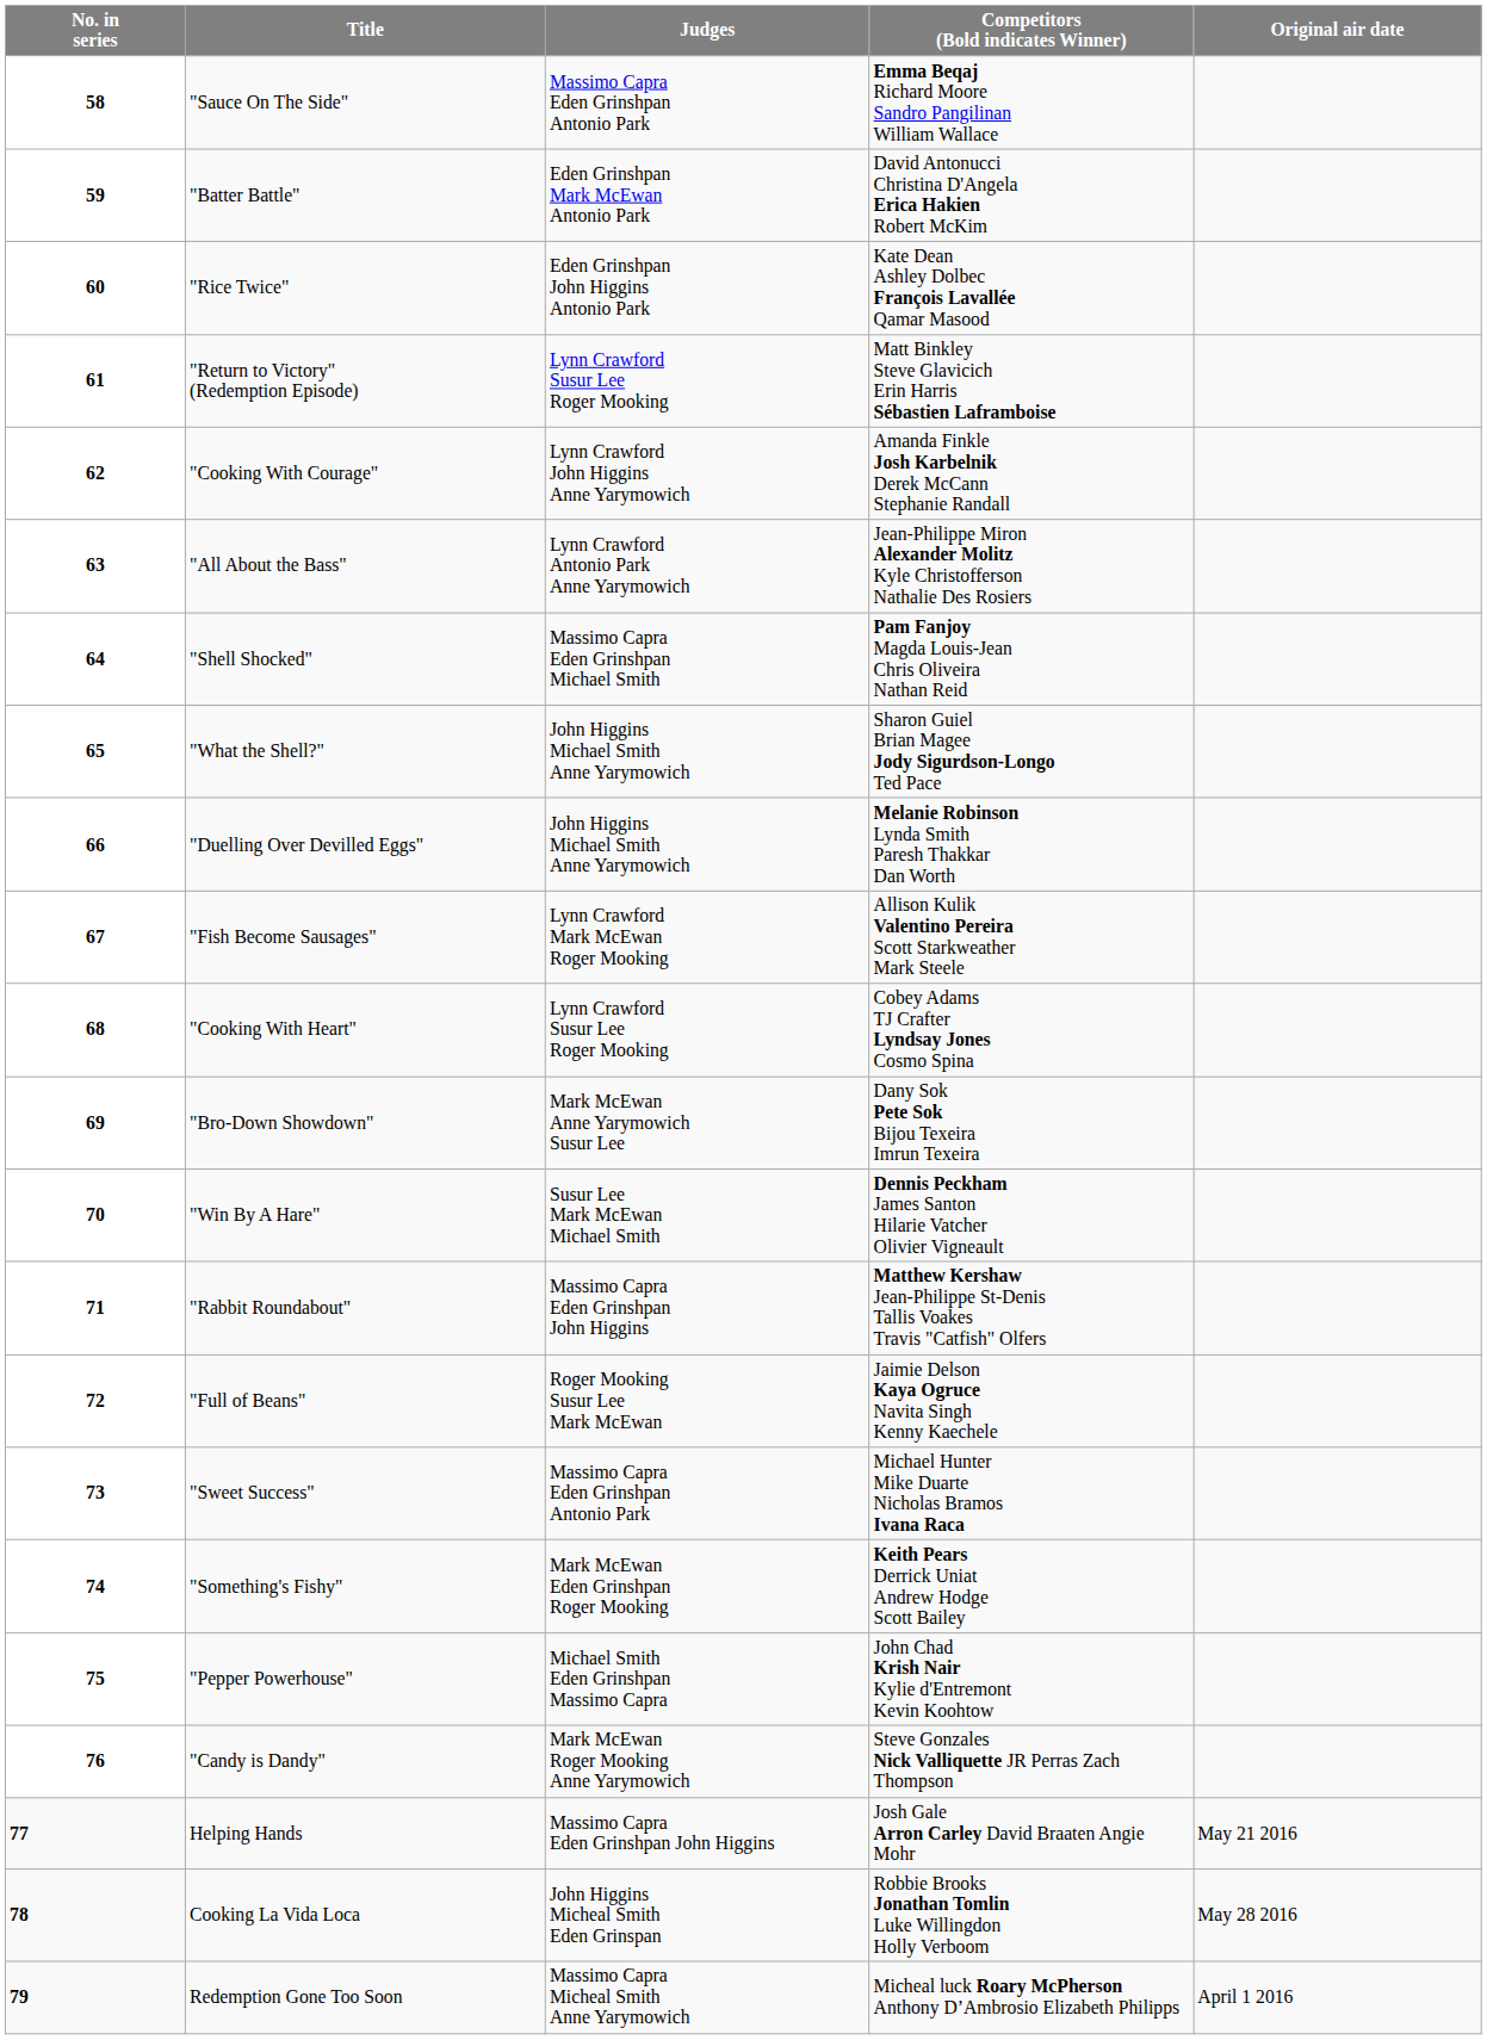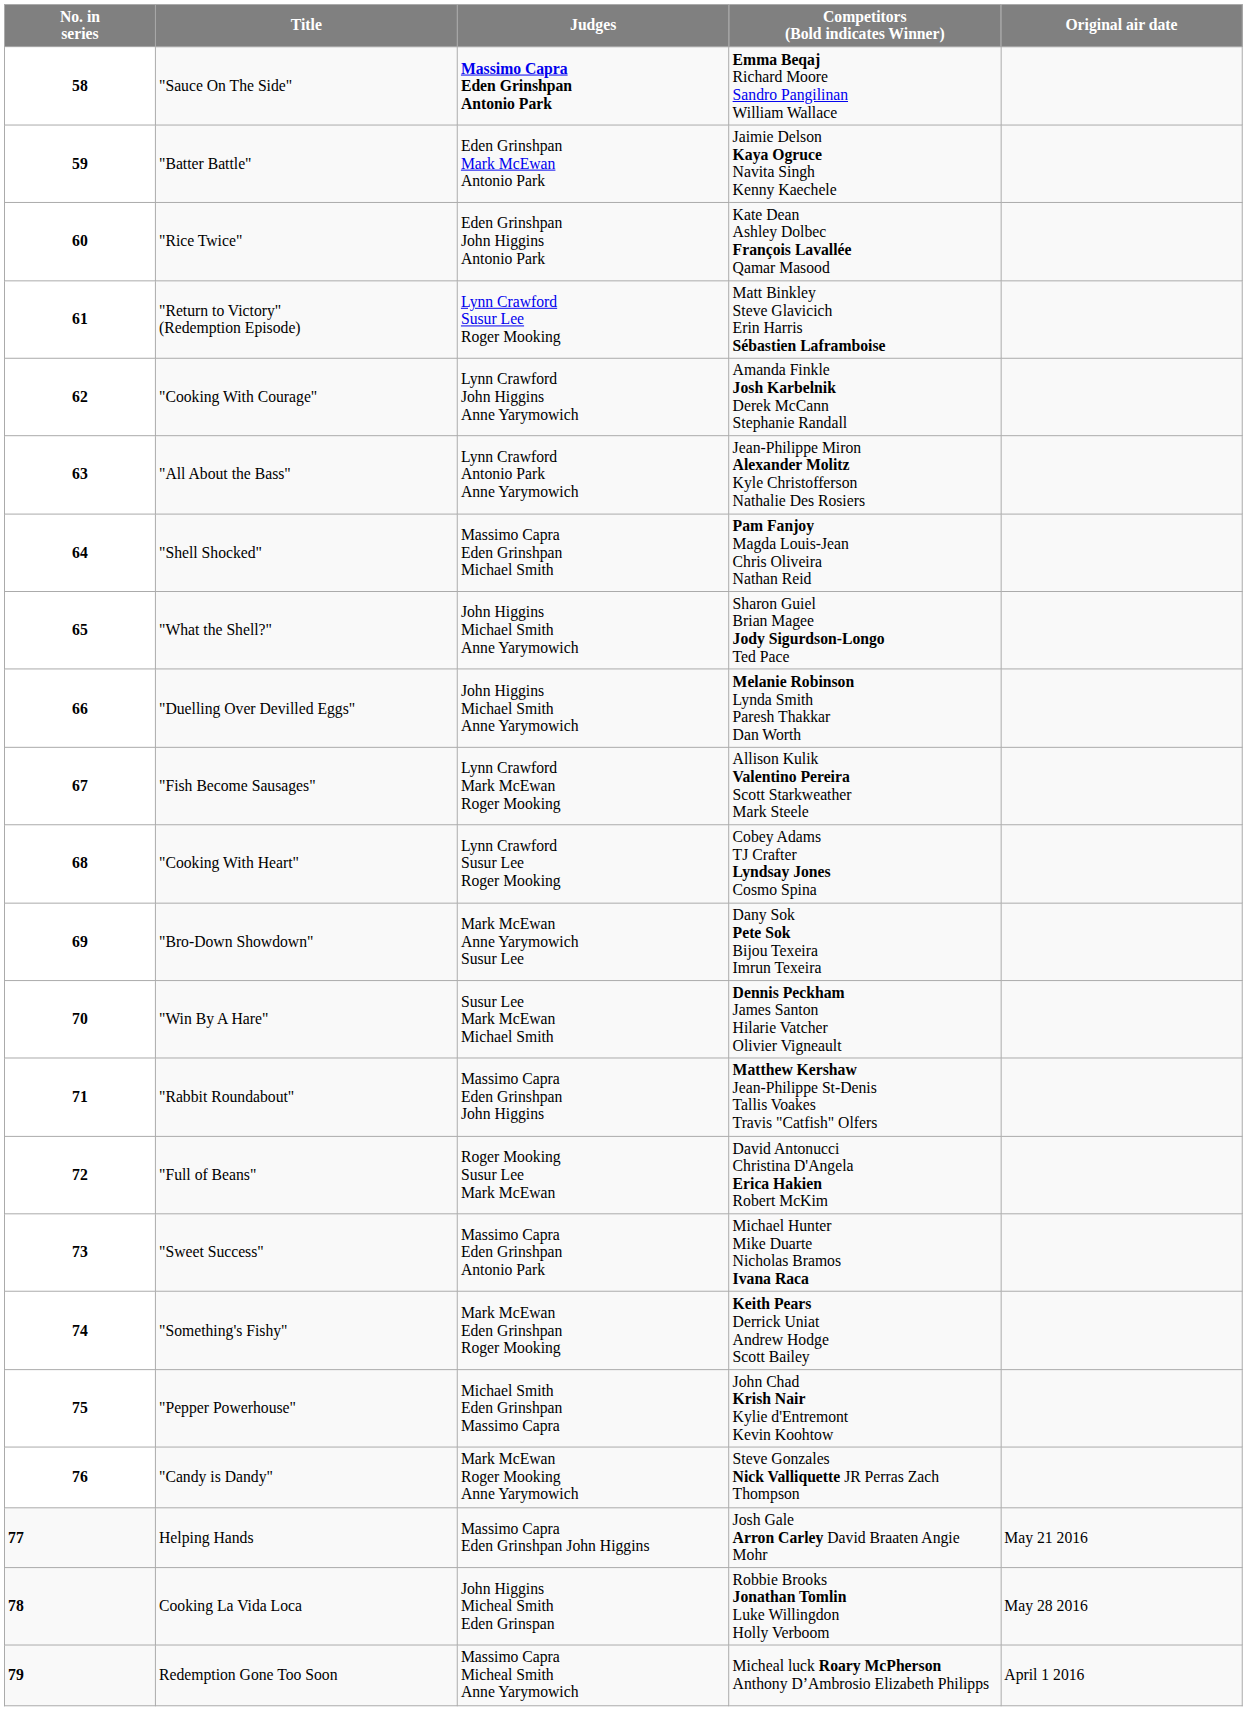 <table class="wikitable" style="width:100%;margin:auto;">
 <tr>
 <th scope="col" style="background-color:#808080;color:white;width:10%;">No. in<br>series</th>
 <th scope="col" style="background-color:#808080;color:white;width:20%;">Title<br></th>
 <th scope="col" style="background-color:#808080;color:white;width:18%;">Judges<br></th>
 <th scope="col" style="background-color:#808080;color:white;width:18%;">Competitors<br><span>(<strong>Bold</strong> indicates Winner)</span></th>
 <th scope="col" style="background-color:#808080;color:white;width:16%;">Original air date<br></th>
 </tr>
 <tr>
 <th scope="row" style="background-color:white">58</th>
 <td>"Sauce On The Side"</td>
-<td><a href='#'>Massimo Capra</a><br>Eden Grinshpan<br>Antonio Park</td>
+<td><strong><a href='#'>Massimo Capra</a><br>Eden Grinshpan<br>Antonio Park</strong></td>
 <td><strong>Emma Beqaj</strong><br>Richard Moore<br><a href='#'>Sandro Pangilinan</a><br>William Wallace</td>
 <td></td>
 </tr>
 <tr>
 <th scope="row" style="background-color:white">59</th>
 <td>"Batter Battle"</td>
 <td>Eden Grinshpan<br><a href='#'>Mark McEwan</a><br>Antonio Park</td>
-<td>David Antonucci<br>Christina D'Angela<br><strong>Erica Hakien</strong><br>Robert McKim</td>
+<td>Jaimie Delson<br><strong>Kaya Ogruce</strong><br>Navita Singh<br>Kenny Kaechele</td>
 <td></td>
 </tr>
 <tr>
 <th scope="row" style="background-color:white">60</th>
 <td>"Rice Twice"</td>
 <td>Eden Grinshpan<br>John Higgins<br>Antonio Park</td>
 <td>Kate Dean<br>Ashley Dolbec<br><strong>François Lavallée</strong><br>Qamar Masood</td>
 <td></td>
 </tr>
 <tr>
 <th scope="row" style="background-color:white">61</th>
 <td>"Return to Victory"<br>(Redemption Episode)</td>
 <td><a href='#'>Lynn Crawford</a><br><a href='#'>Susur Lee</a><br>Roger Mooking</td>
 <td>Matt Binkley<br>Steve Glavicich<br>Erin Harris<br><strong>Sébastien Laframboise</strong></td>
 <td></td>
 </tr>
 <tr>
 <th scope="row" style="background-color:white">62</th>
 <td>"Cooking With Courage"</td>
 <td>Lynn Crawford<br>John Higgins<br>Anne Yarymowich</td>
 <td>Amanda Finkle<br><strong>Josh Karbelnik</strong><br>Derek McCann<br>Stephanie Randall</td>
 <td></td>
 </tr>
 <tr>
 <th scope="row" style="background-color:white">63</th>
 <td>"All About the Bass"</td>
 <td>Lynn Crawford<br>Antonio Park<br>Anne Yarymowich</td>
 <td>Jean-Philippe Miron<br><strong>Alexander Molitz</strong><br>Kyle Christofferson<br>Nathalie Des Rosiers</td>
 <td></td>
 </tr>
 <tr>
 <th scope="row" style="background-color:white">64</th>
 <td>"Shell Shocked"</td>
 <td>Massimo Capra<br>Eden Grinshpan<br>Michael Smith</td>
 <td><strong>Pam Fanjoy</strong><br>Magda Louis-Jean<br>Chris Oliveira<br>Nathan Reid</td>
 <td></td>
 </tr>
 <tr>
 <th scope="row" style="background-color:white">65</th>
 <td>"What the Shell?"</td>
 <td>John Higgins<br>Michael Smith<br>Anne Yarymowich</td>
 <td>Sharon Guiel<br>Brian Magee<br><strong>Jody Sigurdson-Longo</strong><br>Ted Pace</td>
 <td></td>
 </tr>
 <tr>
 <th scope="row" style="background-color:white">66</th>
 <td>"Duelling Over Devilled Eggs"</td>
 <td>John Higgins<br>Michael Smith<br>Anne Yarymowich</td>
 <td><strong>Melanie Robinson</strong><br>Lynda Smith<br>Paresh Thakkar<br>Dan Worth</td>
 <td></td>
 </tr>
 <tr>
 <th scope="row" style="background-color:white">67</th>
 <td>"Fish Become Sausages"</td>
 <td>Lynn Crawford<br>Mark McEwan<br>Roger Mooking</td>
 <td>Allison Kulik<br><strong>Valentino Pereira</strong><br>Scott Starkweather<br>Mark Steele</td>
 <td></td>
 </tr>
 <tr>
 <th scope="row" style="background-color:white">68</th>
 <td>"Cooking With Heart"</td>
 <td>Lynn Crawford<br>Susur Lee<br>Roger Mooking</td>
 <td>Cobey Adams<br>TJ Crafter<br><strong>Lyndsay Jones</strong><br>Cosmo Spina</td>
 <td></td>
 </tr>
 <tr>
 <th scope="row" style="background-color:white">69</th>
 <td>"Bro-Down Showdown"</td>
 <td>Mark McEwan<br>Anne Yarymowich<br>Susur Lee</td>
 <td>Dany Sok<br><strong>Pete Sok</strong><br>Bijou Texeira<br>Imrun Texeira</td>
 <td></td>
 </tr>
 <tr>
 <th scope="row" style="background-color:white">70</th>
 <td>"Win By A Hare"</td>
 <td>Susur Lee<br>Mark McEwan<br>Michael Smith</td>
 <td><strong>Dennis Peckham</strong><br>James Santon<br>Hilarie Vatcher<br>Olivier Vigneault</td>
 <td></td>
 </tr>
 <tr>
 <th scope="row" style="background-color:white">71</th>
 <td>"Rabbit Roundabout"</td>
 <td>Massimo Capra<br>Eden Grinshpan<br>John Higgins</td>
 <td><strong>Matthew Kershaw</strong><br>Jean-Philippe St-Denis<br>Tallis Voakes<br>Travis "Catfish" Olfers</td>
 <td></td>
 </tr>
 <tr>
 <th scope="row" style="background-color:white">72</th>
 <td>"Full of Beans"</td>
 <td>Roger Mooking<br>Susur Lee<br>Mark McEwan</td>
-<td>Jaimie Delson<br><strong>Kaya Ogruce</strong><br>Navita Singh<br>Kenny Kaechele</td>
+<td>David Antonucci<br>Christina D'Angela<br><strong>Erica Hakien</strong><br>Robert McKim</td>
 <td></td>
 </tr>
 <tr>
 <th scope="row" style="background-color:white">73</th>
 <td>"Sweet Success"</td>
 <td>Massimo Capra<br>Eden Grinshpan<br>Antonio Park</td>
 <td>Michael Hunter<br>Mike Duarte<br>Nicholas Bramos<br><strong>Ivana Raca</strong></td>
 <td></td>
 </tr>
 <tr>
 <th scope="row" style="background-color:white">74</th>
 <td>"Something's Fishy"</td>
 <td>Mark McEwan<br>Eden Grinshpan<br>Roger Mooking</td>
 <td><strong>Keith Pears</strong><br>Derrick Uniat<br>Andrew Hodge<br>Scott Bailey</td>
 <td></td>
 </tr>
 <tr>
 <th scope="row" style="background-color:white">75</th>
 <td>"Pepper Powerhouse"</td>
 <td>Michael Smith<br>Eden Grinshpan<br>Massimo Capra</td>
 <td>John Chad<br><strong>Krish Nair</strong><br>Kylie d'Entremont<br>Kevin Koohtow</td>
 <td></td>
 </tr>
 <tr>
 <th scope="row" style="background-color:white">76</th>
 <td>"Candy is Dandy"</td>
 <td>Mark McEwan<br>Roger Mooking<br>Anne Yarymowich</td>
 <td>Steve Gonzales<br><strong>Nick Valliquette</strong>  JR Perras  Zach Thompson</td>
 <td></td>
 </tr>
 <tr>
 <td><strong>77</strong></td>
 <td>Helping Hands</td>
 <td>Massimo Capra<br>Eden Grinshpan John Higgins</td>
 <td>Josh Gale<br><strong>Arron Carley</strong> David Braaten Angie Mohr</td>
 <td>May 21 2016</td>
 </tr>
 <tr>
 <td><strong>78</strong></td>
 <td>Cooking La Vida Loca</td>
 <td>John Higgins<br>Micheal Smith<br>Eden Grinspan</td>
 <td>Robbie Brooks<br><strong>Jonathan Tomlin</strong><br>Luke Willingdon<br>Holly Verboom</td>
 <td>May 28 2016</td>
 </tr>
 <tr>
 <td><strong>79</strong></td>
 <td>Redemption Gone Too Soon</td>
 <td>Massimo Capra<br>Micheal Smith<br>Anne Yarymowich</td>
 <td>Micheal luck <strong>Roary</strong> <strong>McPherson</strong> Anthony D’Ambrosio Elizabeth Philipps</td>
 <td>April 1 2016</td>
 </tr>
 </table>
